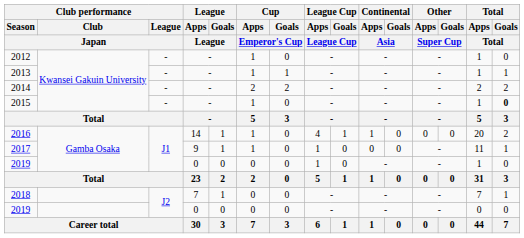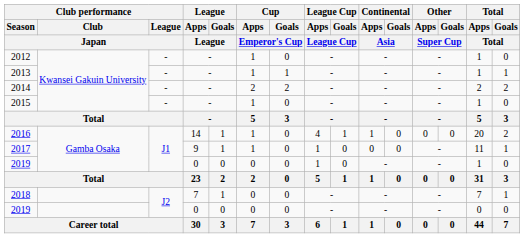 <table class="wikitable" style="text-align:center">
 <tr>
 <th colspan=3>Club performance</th>
 <th colspan=2>League</th>
 <th colspan=2>Cup</th>
 <th colspan=2>League Cup</th>
 <th colspan=2>Continental</th>
 <th colspan=2>Other</th>
 <th colspan=2>Total</th>
 </tr>
 <tr>
 <th>Season</th>
 <th>Club</th>
 <th>League</th>
 <th>Apps</th>
 <th>Goals</th>
 <th>Apps</th>
 <th>Goals</th>
 <th>Apps</th>
 <th>Goals</th>
 <th>Apps</th>
 <th>Goals</th>
 <th>Apps</th>
 <th>Goals</th>
 <th>Apps</th>
 <th>Goals</th>
 </tr>
 <tr>
 <th colspan=3>Japan</th>
 <th colspan=2>League</th>
 <th colspan=2><a href='#'>Emperor's Cup</a></th>
 <th colspan=2><a href='#'>League Cup</a></th>
 <th colspan=2><a href='#'>Asia</a></th>
 <th colspan=2><a href='#'>Super Cup</a></th>
 <th colspan=2>Total</th>
 </tr>
 <tr>
 <td>2012</td>
 <td rowspan="4"><a href='#'>Kwansei Gakuin University</a></td>
 <td>-</td>
 <td colspan="2">-</td>
 <td>1</td>
 <td>0</td>
 <td colspan="2">-</td>
 <td colspan="2">-</td>
 <td colspan="2">-</td>
 <td>1</td>
 <td>0</td>
 </tr>
 <tr>
 <td>2013</td>
 <td>-</td>
 <td colspan="2">-</td>
 <td>1</td>
 <td>1</td>
 <td colspan="2">-</td>
 <td colspan="2">-</td>
 <td colspan="2">-</td>
 <td>1</td>
 <td>1</td>
 </tr>
 <tr>
 <td>2014</td>
 <td>-</td>
 <td colspan="2">-</td>
 <td>2</td>
 <td>2</td>
 <td colspan="2">-</td>
 <td colspan="2">-</td>
 <td colspan="2">-</td>
 <td>2</td>
 <td>2</td>
 </tr>
 <tr>
 <td>2015</td>
 <td>-</td>
 <td colspan="2">-</td>
 <td>1</td>
 <td>0</td>
 <td colspan="2">-</td>
 <td colspan="2">-</td>
 <td colspan="2">-</td>
 <td>1</td>
-<td><strong>0</strong></td>
+<td>0</td>
 </tr>
 <tr>
 <th colspan="3">Total</th>
 <th colspan="2">-</th>
 <th>5</th>
 <th>3</th>
 <th colspan="2">-</th>
 <th colspan="2">-</th>
 <th colspan="2">-</th>
 <th>5</th>
 <th>3</th>
 </tr>
 <tr>
 <td><a href='#'>2016</a></td>
 <td rowspan="3"><a href='#'>Gamba Osaka</a></td>
 <td rowspan="3"><a href='#'>J1</a></td>
 <td>14</td>
 <td>1</td>
 <td>1</td>
 <td>0</td>
 <td>4</td>
 <td>1</td>
 <td>1</td>
 <td>0</td>
 <td>0</td>
 <td>0</td>
 <td>20</td>
 <td>2</td>
 </tr>
 <tr>
 <td><a href='#'>2017</a></td>
 <td>9</td>
 <td>1</td>
 <td>1</td>
 <td>0</td>
 <td>1</td>
 <td>0</td>
 <td>0</td>
 <td>0</td>
 <td colspan="2">-</td>
 <td>11</td>
 <td>1</td>
 </tr>
 <tr>
 <td><a href='#'>2019</a></td>
 <td>0</td>
 <td>0</td>
 <td>0</td>
 <td>0</td>
 <td>1</td>
 <td>0</td>
 <td colspan="2">-</td>
 <td colspan="2">-</td>
 <td>1</td>
 <td>0</td>
 </tr>
 <tr>
 <th colspan="3">Total</th>
 <th>23</th>
 <th>2</th>
 <th>2</th>
 <th>0</th>
 <th>5</th>
 <th>1</th>
 <th>1</th>
 <th>0</th>
 <th>0</th>
 <th>0</th>
 <th>31</th>
 <th>3</th>
 </tr>
 <tr>
 <td><a href='#'>2018</a></td>
 <td></td>
 <td rowspan="2"><a href='#'>J2</a></td>
 <td>7</td>
 <td>1</td>
 <td>0</td>
 <td>0</td>
 <td colspan="2">-</td>
 <td colspan="2">-</td>
 <td colspan="2">-</td>
 <td>7</td>
 <td>1</td>
 </tr>
 <tr>
 <td><a href='#'>2019</a></td>
 <td rowspan="1"></td>
 <td>0</td>
 <td>0</td>
 <td>0</td>
 <td>0</td>
 <td colspan="2">-</td>
 <td colspan="2">-</td>
 <td colspan="2">-</td>
 <td>0</td>
 <td>0</td>
 </tr>
 <tr>
 <th colspan=3>Career total</th>
 <th>30</th>
 <th>3</th>
 <th>7</th>
 <th>3</th>
 <th>6</th>
 <th>1</th>
 <th>1</th>
 <th>0</th>
 <th>0</th>
 <th>0</th>
 <th>44</th>
 <th>7</th>
 </tr>
 </table>
